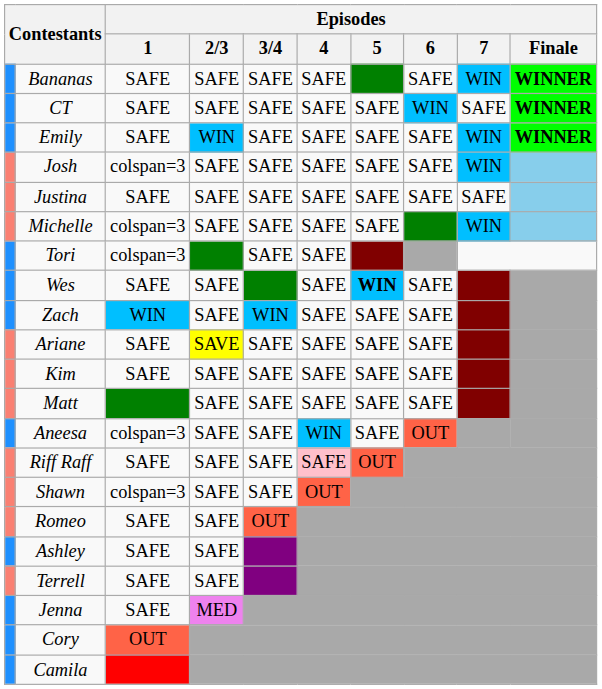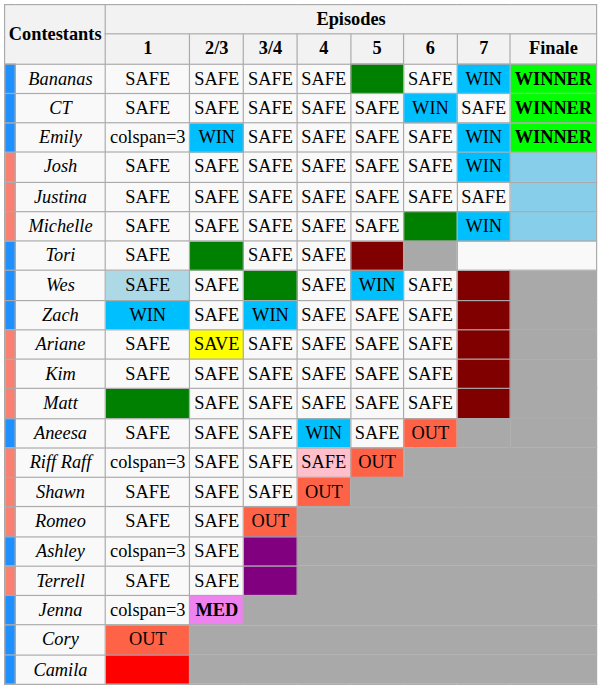 <table class="wikitable" style="text-align:center; font-size:98%">
 <tr>
 <th rowspan=2 colspan=2>Contestants</th>
 <th colspan=8>Episodes</th>
 </tr>
 <tr>
 <th>1</th>
 <th>2/3</th>
 <th>3/4</th>
 <th>4</th>
 <th>5</th>
 <th>6</th>
 <th>7</th>
 <th>Finale</th>
 </tr>
 <tr>
 <td bgcolor="dodgerblue"></td>
 <td nowrap><em>Bananas</em></td>
 <td>SAFE</td>
 <td>SAFE</td>
 <td>SAFE</td>
 <td>SAFE</td>
 <td bgcolor="green"></td>
 <td>SAFE</td>
 <td bgcolor="deepskyblue">WIN</td>
 <td bgcolor="lime"><strong>WINNER</strong></td>
 </tr>
 <tr>
 <td bgcolor="dodgerblue"></td>
 <td nowrap><em>CT</em></td>
 <td>SAFE</td>
 <td>SAFE</td>
 <td>SAFE</td>
 <td>SAFE</td>
 <td>SAFE</td>
 <td bgcolor="deepskyblue">WIN</td>
 <td>SAFE</td>
 <td bgcolor="lime"><strong>WINNER</strong></td>
 </tr>
 <tr>
 <td bgcolor="dodgerblue"></td>
 <td nowrap><em>Emily</em></td>
-<td>SAFE</td>
+<td>colspan=3 </td>
 <td bgcolor="deepskyblue">WIN</td>
 <td>SAFE</td>
 <td>SAFE</td>
 <td>SAFE</td>
 <td>SAFE</td>
 <td bgcolor="deepskyblue">WIN</td>
 <td bgcolor="lime"><strong>WINNER</strong></td>
 </tr>
 <tr>
 <td bgcolor="salmon"></td>
 <td nowrap><em>Josh</em></td>
-<td>colspan=3 </td>
+<td>SAFE</td>
 <td>SAFE</td>
 <td>SAFE</td>
 <td>SAFE</td>
 <td>SAFE</td>
 <td>SAFE</td>
 <td bgcolor="deepskyblue">WIN</td>
 <td bgcolor="skyblue"></td>
 </tr>
 <tr>
 <td bgcolor="salmon"></td>
 <td nowrap><em>Justina</em></td>
 <td>SAFE</td>
 <td>SAFE</td>
 <td>SAFE</td>
 <td>SAFE</td>
 <td>SAFE</td>
 <td>SAFE</td>
 <td>SAFE</td>
 <td bgcolor="skyblue"></td>
 </tr>
 <tr>
 <td bgcolor="salmon"></td>
 <td nowrap><em>Michelle</em></td>
-<td>colspan=3 </td>
+<td>SAFE</td>
 <td>SAFE</td>
 <td>SAFE</td>
 <td>SAFE</td>
 <td>SAFE</td>
 <td bgcolor="green"></td>
 <td bgcolor="deepskyblue">WIN</td>
 <td bgcolor="skyblue"></td>
 </tr>
 <tr>
 <td bgcolor="dodgerblue"></td>
 <td nowrap><em>Tori</em></td>
-<td>colspan=3 </td>
+<td>SAFE</td>
 <td bgcolor="green"></td>
 <td>SAFE</td>
 <td>SAFE</td>
 <td bgcolor="maroon"></td>
 <td bgcolor="darkgray"></td>
 </tr>
 <tr>
 <td bgcolor="dodgerblue"></td>
 <td nowrap><em>Wes</em></td>
-<td>SAFE</td>
+<td style="background: lightblue;">SAFE</td>
 <td>SAFE</td>
 <td bgcolor="green"></td>
 <td>SAFE</td>
-<td bgcolor="deepskyblue"><strong>WIN</strong></td>
+<td bgcolor="deepskyblue">WIN</td>
 <td>SAFE</td>
 <td bgcolor="maroon"></td>
 <td bgcolor="darkgray"></td>
 </tr>
 <tr>
 <td bgcolor="dodgerblue"></td>
 <td nowrap><em>Zach</em></td>
 <td bgcolor="deepskyblue">WIN</td>
 <td>SAFE</td>
 <td bgcolor="deepskyblue">WIN</td>
 <td>SAFE</td>
 <td>SAFE</td>
 <td>SAFE</td>
 <td bgcolor="maroon"></td>
 <td bgcolor="darkgray"></td>
 </tr>
 <tr>
 <td bgcolor="salmon"></td>
 <td nowrap><em>Ariane</em></td>
 <td>SAFE</td>
 <td bgcolor="yellow">SAVE</td>
 <td>SAFE</td>
 <td>SAFE</td>
 <td>SAFE</td>
 <td>SAFE</td>
 <td bgcolor="maroon"></td>
 <td bgcolor="darkgray"></td>
 </tr>
 <tr>
 <td bgcolor="salmon"></td>
 <td nowrap><em>Kim</em></td>
 <td>SAFE</td>
 <td>SAFE</td>
 <td>SAFE</td>
 <td>SAFE</td>
 <td>SAFE</td>
 <td>SAFE</td>
 <td bgcolor="maroon"></td>
 <td bgcolor="darkgray"></td>
 </tr>
 <tr>
 <td bgcolor="salmon"></td>
 <td nowrap><em>Matt</em></td>
 <td bgcolor="green"></td>
 <td>SAFE</td>
 <td>SAFE</td>
 <td>SAFE</td>
 <td>SAFE</td>
 <td>SAFE</td>
 <td bgcolor="maroon"></td>
 <td bgcolor="darkgray"></td>
 </tr>
 <tr>
 <td bgcolor="dodgerblue"></td>
 <td nowrap><em>Aneesa</em></td>
-<td>colspan=3 </td>
+<td>SAFE</td>
 <td>SAFE</td>
 <td>SAFE</td>
 <td bgcolor="deepskyblue">WIN</td>
 <td>SAFE</td>
 <td bgcolor="tomato">OUT</td>
 <td bgcolor="darkgray"></td>
 <td bgcolor="darkgray" colspan=2></td>
 </tr>
 <tr>
 <td bgcolor="salmon"></td>
 <td nowrap><em>Riff Raff</em></td>
-<td>SAFE</td>
+<td>colspan=3 </td>
 <td>SAFE</td>
 <td>SAFE</td>
 <td style="background: pink;">SAFE</td>
 <td bgcolor="tomato">OUT</td>
 <td bgcolor="darkgray" colspan=3></td>
 </tr>
 <tr>
 <td bgcolor="salmon"></td>
 <td nowrap><em>Shawn</em></td>
-<td>colspan=3 </td>
+<td>SAFE</td>
 <td>SAFE</td>
 <td>SAFE</td>
 <td bgcolor="tomato">OUT</td>
 <td bgcolor="darkgray" colspan=4></td>
 </tr>
 <tr>
 <td bgcolor="salmon"></td>
 <td nowrap><em>Romeo</em></td>
 <td>SAFE</td>
 <td>SAFE</td>
 <td bgcolor="tomato">OUT</td>
 <td bgcolor="darkgray" colspan=5></td>
 </tr>
 <tr>
 <td bgcolor="dodgerblue"></td>
 <td nowrap><em>Ashley</em></td>
-<td>SAFE</td>
+<td>colspan=3 </td>
 <td>SAFE</td>
 <td bgcolor="purple"></td>
 <td bgcolor="darkgray" colspan=5></td>
 </tr>
 <tr>
 <td bgcolor="salmon"></td>
 <td nowrap><em>Terrell</em></td>
 <td>SAFE</td>
 <td>SAFE</td>
 <td bgcolor="purple"></td>
 <td bgcolor="darkgray" colspan=5></td>
 </tr>
 <tr>
 <td bgcolor="dodgerblue"></td>
 <td nowrap><em>Jenna</em></td>
-<td>SAFE</td>
-<td bgcolor="violet">MED</td>
+<td>colspan=3 </td>
+<td bgcolor="violet"><strong>MED</strong></td>
 <td bgcolor="darkgray" colspan=6></td>
 </tr>
 <tr>
 <td bgcolor="dodgerblue"></td>
 <td nowrap><em>Cory</em></td>
 <td bgcolor="tomato">OUT</td>
 <td bgcolor="darkgray" colspan=7></td>
 </tr>
 <tr>
 <td bgcolor="dodgerblue"></td>
 <td nowrap><em>Camila</em></td>
 <td bgcolor="red"></td>
 <td bgcolor="darkgray" colspan=7></td>
 </tr>
 </table>
